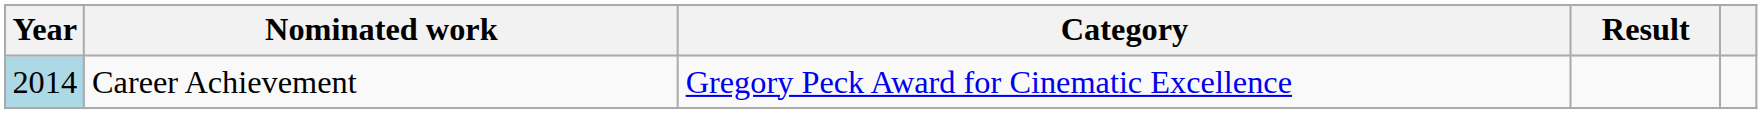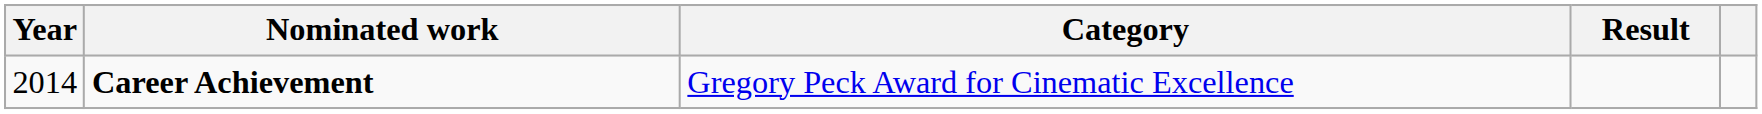 <table class="wikitable sortable">
 <tr>
 <th scope="col" style="width:1em;">Year</th>
 <th scope="col" style="width:25em;">Nominated work</th>
 <th scope="col" style="width:40em;">Category</th>
 <th scope="col" style="width:5em;">Result</th>
 <th scope="col" style="width:1em;" class="unsortable"></th>
 </tr>
 <tr>
-<td style="background: lightblue;">2014</td>
-<td>Career Achievement</td>
+<td>2014</td>
+<td><strong>Career Achievement</strong></td>
 <td><a href='#'>Gregory Peck Award for Cinematic Excellence</a></td>
 <td></td>
 <td></td>
 </tr>
 </table>
